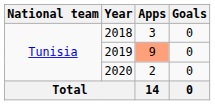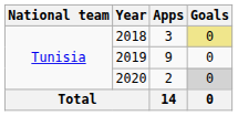 <table class="wikitable" style="text-align:center">
 <tr>
 <th>National team</th>
 <th>Year</th>
 <th>Apps</th>
 <th>Goals</th>
 </tr>
 <tr>
 <td rowspan="3"><a href='#'>Tunisia</a></td>
 <td>2018</td>
 <td>3</td>
-<td>0</td>
+<td style="background: khaki;">0</td>
 </tr>
 <tr>
 <td>2019</td>
-<td style="background: lightsalmon;">9</td>
+<td>9</td>
 <td>0</td>
 </tr>
 <tr>
 <td>2020</td>
 <td>2</td>
-<td>0</td>
+<td style="background: lightgrey;">0</td>
 </tr>
 <tr>
 <th colspan="2">Total</th>
 <th>14</th>
 <th>0</th>
 </tr>
 </table>
